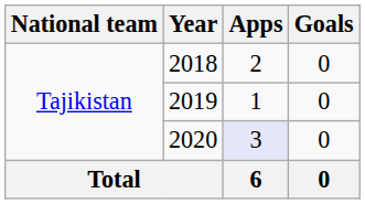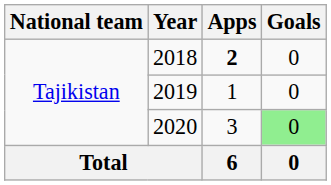 <table class="wikitable" style="text-align:center">
 <tr>
 <th>National team</th>
 <th>Year</th>
 <th>Apps</th>
 <th>Goals</th>
 </tr>
 <tr>
 <td rowspan="3"><a href='#'>Tajikistan</a></td>
 <td>2018</td>
-<td>2</td>
+<td><strong>2</strong></td>
 <td>0</td>
 </tr>
 <tr>
 <td>2019</td>
 <td>1</td>
 <td>0</td>
 </tr>
 <tr>
 <td>2020</td>
-<td style="background: lavender;">3</td>
-<td>0</td>
+<td>3</td>
+<td style="background: lightgreen;">0</td>
 </tr>
 <tr>
 <th colspan="2">Total</th>
 <th>6</th>
 <th>0</th>
 </tr>
 </table>
